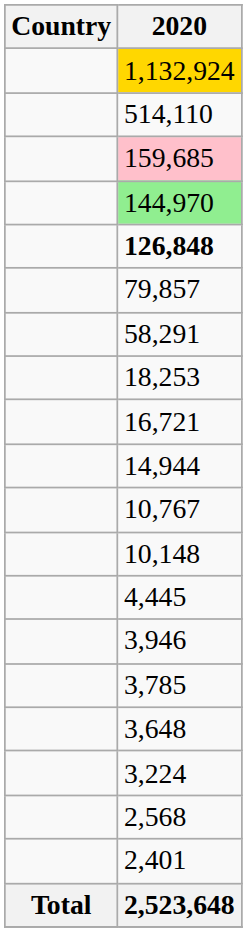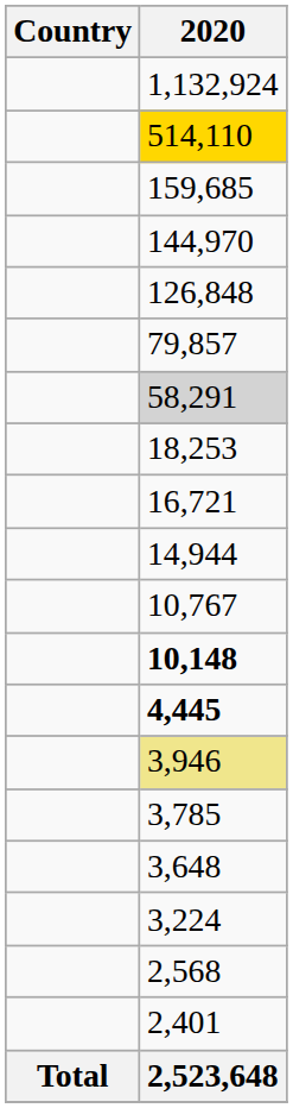 <table class="wikitable sortable static-row-numbers static-row-header-hash" id="statsOrigin">
 <tr bgcolor="#CCCCCC">
 <th>Country</th>
 <th>2020</th>
 </tr>
 <tr>
 <td></td>
-<td style="background: gold;">1,132,924</td>
+<td>1,132,924</td>
 </tr>
 <tr>
 <td></td>
-<td>514,110</td>
+<td style="background: gold;">514,110</td>
 </tr>
 <tr>
 <td></td>
-<td style="background: pink;">159,685</td>
+<td>159,685</td>
 </tr>
 <tr>
 <td></td>
-<td style="background: lightgreen;">144,970</td>
+<td>144,970</td>
 </tr>
 <tr>
 <td></td>
-<td><strong>126,848</strong></td>
+<td>126,848</td>
 </tr>
 <tr>
 <td></td>
 <td>79,857</td>
 </tr>
 <tr>
 <td></td>
-<td>58,291</td>
+<td style="background: lightgrey;">58,291</td>
 </tr>
 <tr>
 <td></td>
 <td>18,253</td>
 </tr>
 <tr>
 <td></td>
 <td>16,721</td>
 </tr>
 <tr>
 <td></td>
 <td>14,944</td>
 </tr>
 <tr>
 <td></td>
 <td>10,767</td>
 </tr>
 <tr>
 <td></td>
-<td>10,148</td>
+<td><strong>10,148</strong></td>
 </tr>
 <tr>
 <td></td>
-<td>4,445</td>
+<td><strong>4,445</strong></td>
 </tr>
 <tr>
 <td></td>
-<td>3,946</td>
+<td style="background: khaki;">3,946</td>
 </tr>
 <tr>
 <td></td>
 <td>3,785</td>
 </tr>
 <tr>
 <td></td>
 <td>3,648</td>
 </tr>
 <tr>
 <td></td>
 <td>3,224</td>
 </tr>
 <tr>
 <td></td>
 <td>2,568</td>
 </tr>
 <tr>
 <td></td>
 <td>2,401</td>
 </tr>
 <tr style="background: ;" class="sortbottom">
 <th>Total</th>
 <th>2,523,648</th>
 </tr>
 <tr>
 </tr>
 </table>
